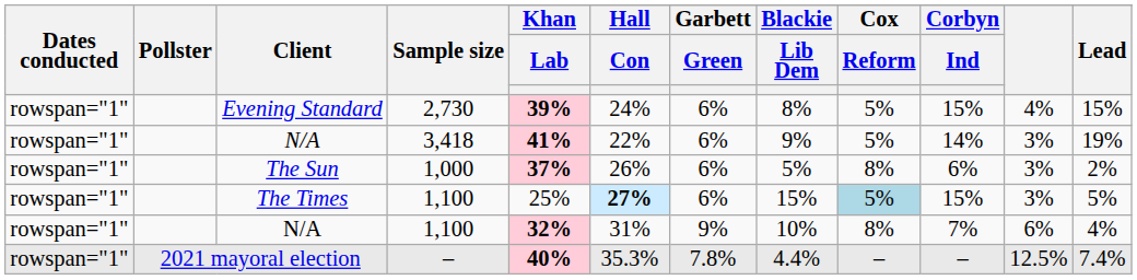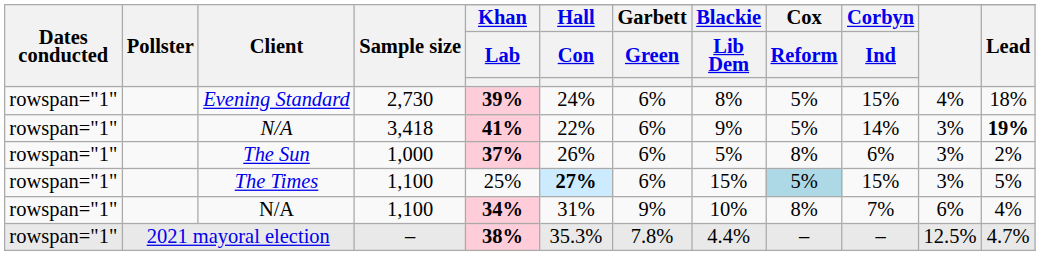 <table class="wikitable sortable mw-datatable" style="text-align:center; line-height:14px;">
 <tr>
 <th rowspan="4">Dates <br>conducted</th>
 <th rowspan="4">Pollster</th>
 <th rowspan="4">Client</th>
 <th rowspan="4">Sample size</th>
 </tr>
 <tr>
 <th style="width:50px;"><a href='#'>Khan</a></th>
 <th style="width:50px;"><a href='#'>Hall</a></th>
 <th style="width:50px;">Garbett</th>
 <th style="width:50px;"><a href='#'>Blackie</a></th>
 <th style="width:50px;">Cox</th>
 <th style="width:50px;"><a href='#'>Corbyn</a></th>
 <th rowspan="3" style="width:30px;"><a href='#'></a></th>
 <th rowspan="3">Lead</th>
 </tr>
 <tr>
 <th><a href='#'>Lab</a></th>
 <th><a href='#'>Con</a></th>
 <th><a href='#'>Green</a></th>
 <th><a href='#'>Lib Dem</a></th>
 <th><a href='#'>Reform</a></th>
 <th><a href='#'>Ind</a></th>
 </tr>
 <tr>
 <th data-sort-type="number" style="background:"></th>
 <th data-sort-type="number" style="background:"></th>
 <th data-sort-type="number" style="background:"></th>
 <th data-sort-type="number" style="background:"></th>
 <th data-sort-type="number" style="background:"></th>
 <th data-sort-type="number" style="background:"></th>
 </tr>
 <tr>
 <td>rowspan="1" </td>
 <td rowspan="1"></td>
 <td rowspan="1"><em><a href='#'>Evening Standard</a></em></td>
 <td rowspan="1">2,730</td>
 <td style="background:#FFCCD9;"><strong>39%</strong></td>
 <td>24%</td>
 <td>6%</td>
 <td>8%</td>
 <td>5%</td>
 <td>15%</td>
 <td>4%</td>
-<td style="background:">15%</td>
+<td style="background:">18%</td>
 </tr>
 <tr>
 <td>rowspan="1" </td>
 <td rowspan="1"></td>
 <td rowspan="1"><em>N/A</em></td>
 <td rowspan="1">3,418</td>
 <td style="background:#FFCCD9;"><strong>41%</strong></td>
 <td>22%</td>
 <td>6%</td>
 <td>9%</td>
 <td>5%</td>
 <td>14%</td>
 <td>3%</td>
-<td style="background:">19%</td>
+<td style="background:"><strong>19%</strong></td>
 </tr>
 <tr>
 <td>rowspan="1" </td>
 <td rowspan="1"></td>
 <td rowspan="1"><em><a href='#'>The Sun</a></em></td>
 <td rowspan="1">1,000</td>
 <td style="background:#FFCCD9;"><strong>37%</strong></td>
 <td>26%</td>
 <td>6%</td>
 <td>5%</td>
 <td>8%</td>
 <td>6%</td>
 <td>3%</td>
 <td style="background:">2%</td>
 </tr>
 <tr>
 <td>rowspan="1" </td>
 <td rowspan="1"></td>
 <td rowspan="1"><em><a href='#'>The Times</a></em></td>
 <td rowspan="1">1,100</td>
 <td>25%</td>
 <td style="background:#CCEBFF;"><strong>27%</strong></td>
 <td>6%</td>
 <td>15%</td>
 <td style="background: lightblue;">5%</td>
 <td>15%</td>
 <td>3%</td>
 <td style="background:">5%</td>
 </tr>
 <tr>
 <td>rowspan="1" </td>
 <td rowspan="1"></td>
 <td rowspan="1">N/A</td>
 <td rowspan="1">1,100</td>
-<td style="background:#FFCCD9;"><strong>32%</strong></td>
+<td style="background:#FFCCD9;"><strong>34%</strong></td>
 <td>31%</td>
 <td>9%</td>
 <td>10%</td>
 <td>8%</td>
 <td>7%</td>
 <td>6%</td>
 <td style="background:">4%</td>
 </tr>
 <tr style="background:#E9E9E9;">
 <td>rowspan="1" </td>
 <td colspan="2"><a href='#'>2021 mayoral election</a></td>
 <td>–</td>
-<td style="background:#FFCCD9;"><strong>40%</strong></td>
+<td style="background:#FFCCD9;"><strong>38%</strong></td>
 <td>35.3%</td>
 <td>7.8%</td>
 <td>4.4%</td>
 <td>–</td>
 <td>–</td>
 <td>12.5%</td>
-<td style="background:">7.4%</td>
+<td style="background:">4.7%</td>
 </tr>
 </table>
